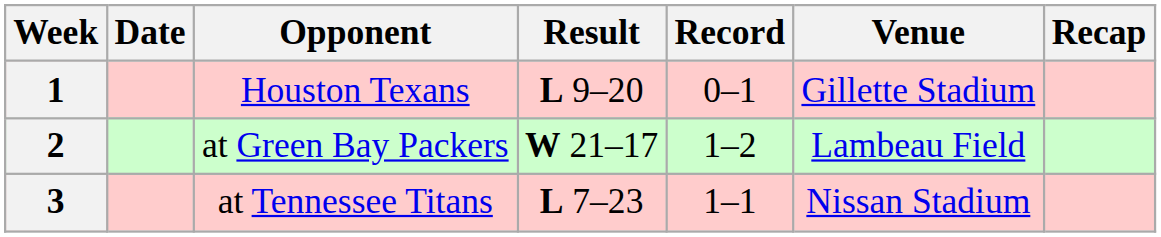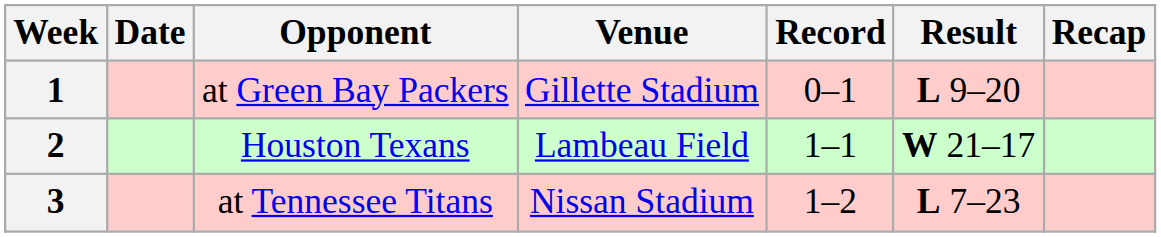 <table class="wikitable" style="text-align:center">
 <tr>
 <th>Week</th>
 <th>Date</th>
 <th>Opponent</th>
+<th>Venue</th>
+<th>Record</th>
 <th>Result</th>
-<th>Record</th>
-<th>Venue</th>
 <th>Recap</th>
 </tr>
 <tr style="background:#fcc">
 <th>1</th>
 <td></td>
-<td><a href='#'>Houston Texans</a></td>
+<td>at <a href='#'>Green Bay Packers</a></td>
+<td><a href='#'>Gillette Stadium</a></td>
+<td>0–1</td>
 <td><strong>L</strong> 9–20</td>
-<td>0–1</td>
-<td><a href='#'>Gillette Stadium</a></td>
 <td></td>
 </tr>
 <tr style="background:#cfc">
 <th>2</th>
 <td></td>
-<td>at <a href='#'>Green Bay Packers</a></td>
+<td><a href='#'>Houston Texans</a></td>
+<td><a href='#'>Lambeau Field</a></td>
+<td>1–1</td>
 <td><strong>W</strong> 21–17</td>
-<td>1–2</td>
-<td><a href='#'>Lambeau Field</a></td>
 <td></td>
 </tr>
 <tr style="background:#fcc">
 <th>3</th>
 <td></td>
 <td>at <a href='#'>Tennessee Titans</a></td>
+<td><a href='#'>Nissan Stadium</a></td>
+<td>1–2</td>
 <td><strong>L</strong> 7–23</td>
-<td>1–1</td>
-<td><a href='#'>Nissan Stadium</a></td>
 <td></td>
 </tr>
 </table>
